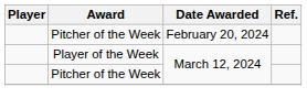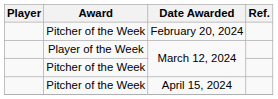 <table class="wikitable sortable sortable" style="text-align: center">
 <tr align=center>
 <th>Player</th>
 <th>Award</th>
 <th>Date Awarded</th>
 <th>Ref.</th>
 </tr>
 <tr>
 <td></td>
 <td>Pitcher of the Week</td>
 <td>February 20, 2024</td>
 <td></td>
 </tr>
 <tr>
 <td></td>
 <td>Player of the Week</td>
 <td rowspan="2">March 12, 2024</td>
 <td></td>
 </tr>
 <tr>
 <td></td>
 <td>Pitcher of the Week</td>
 <td></td>
 </tr>
 <tr>
+<td></td>
+<td>Pitcher of the Week</td>
+<td>April 15, 2024</td>
+<td></td>
+</tr>
+<tr>
 </tr>
 </table>
